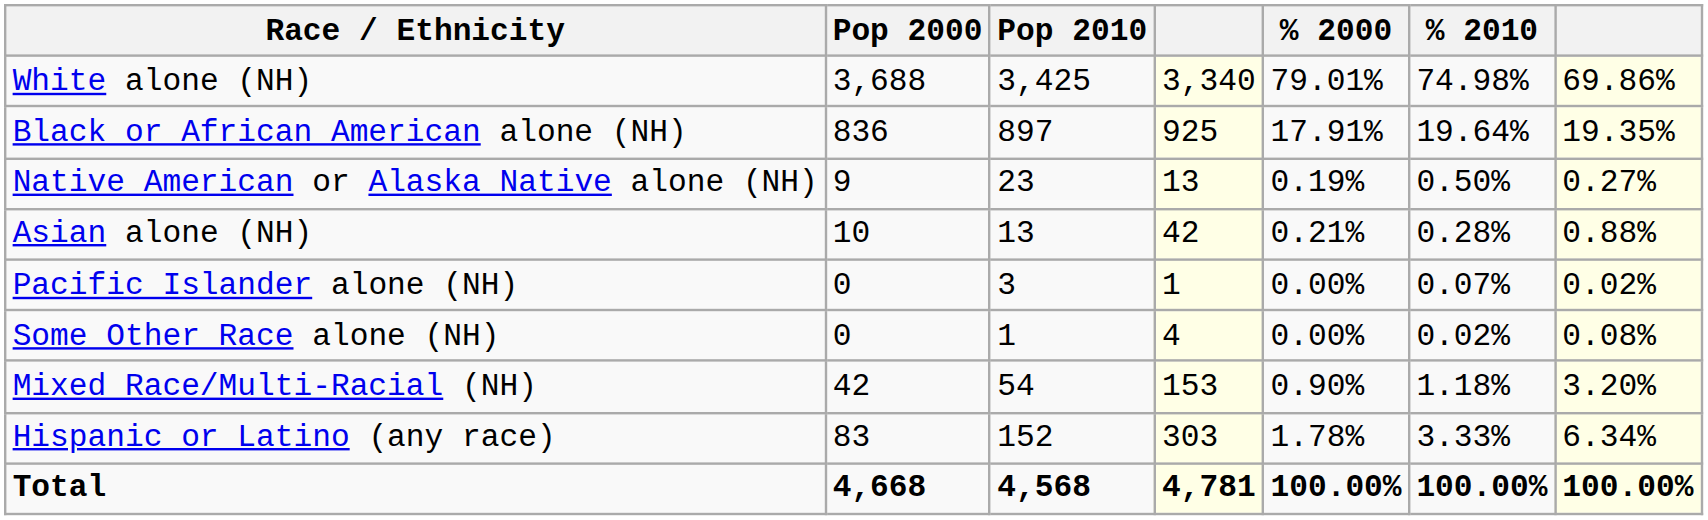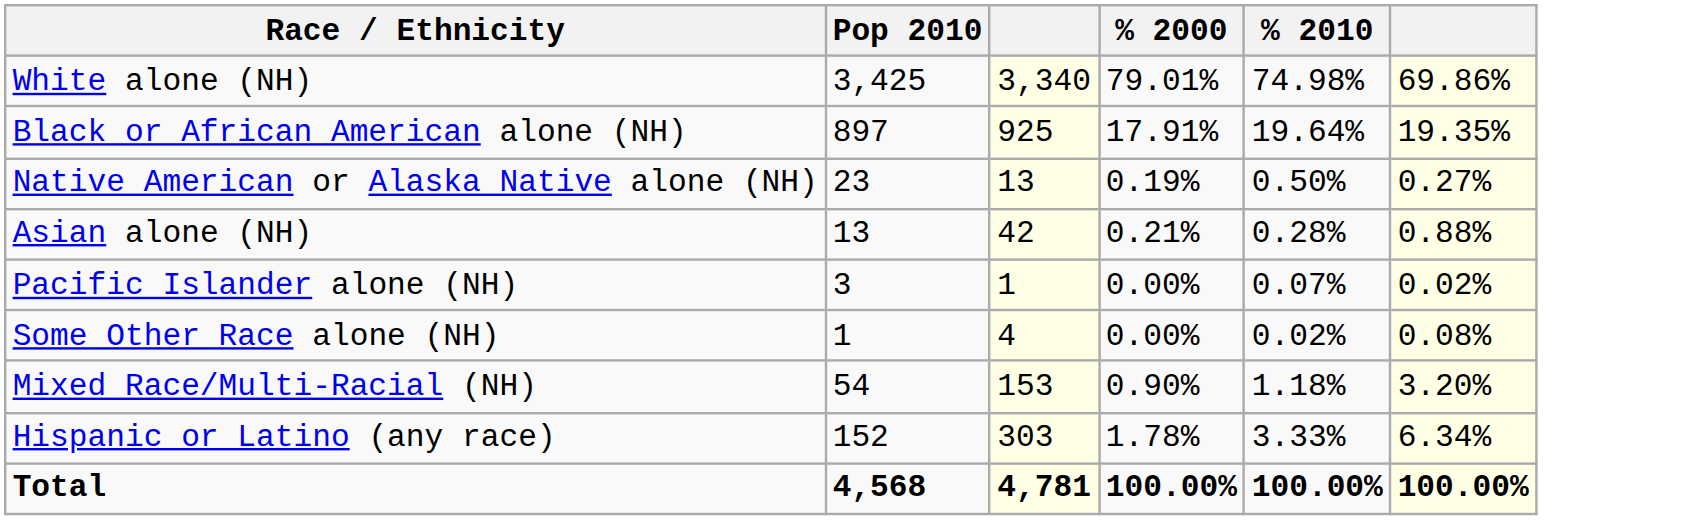 <table class="wikitable">
 <tr>
 <th>Race / Ethnicity</th>
-<th>Pop 2000</th>
 <th>Pop 2010</th>
 <th></th>
 <th>% 2000</th>
 <th>% 2010</th>
 <th></th>
 </tr>
 <tr>
 <td><a href='#'>White</a> alone (NH)</td>
-<td>3,688</td>
 <td>3,425</td>
 <td style='background: #ffffe6;'>3,340</td>
 <td>79.01%</td>
 <td>74.98%</td>
 <td style='background: #ffffe6;'>69.86%</td>
 </tr>
 <tr>
 <td><a href='#'>Black or African American</a> alone (NH)</td>
-<td>836</td>
 <td>897</td>
 <td style='background: #ffffe6;'>925</td>
 <td>17.91%</td>
 <td>19.64%</td>
 <td style='background: #ffffe6;'>19.35%</td>
 </tr>
 <tr>
 <td><a href='#'>Native American</a> or <a href='#'>Alaska Native</a> alone (NH)</td>
-<td>9</td>
 <td>23</td>
 <td style='background: #ffffe6;'>13</td>
 <td>0.19%</td>
 <td>0.50%</td>
 <td style='background: #ffffe6;'>0.27%</td>
 </tr>
 <tr>
 <td><a href='#'>Asian</a> alone (NH)</td>
-<td>10</td>
 <td>13</td>
 <td style='background: #ffffe6;'>42</td>
 <td>0.21%</td>
 <td>0.28%</td>
 <td style='background: #ffffe6;'>0.88%</td>
 </tr>
 <tr>
 <td><a href='#'>Pacific Islander</a> alone (NH)</td>
-<td>0</td>
 <td>3</td>
 <td style='background: #ffffe6;'>1</td>
 <td>0.00%</td>
 <td>0.07%</td>
 <td style='background: #ffffe6;'>0.02%</td>
 </tr>
 <tr>
 <td><a href='#'>Some Other Race</a> alone (NH)</td>
-<td>0</td>
 <td>1</td>
 <td style='background: #ffffe6;'>4</td>
 <td>0.00%</td>
 <td>0.02%</td>
 <td style='background: #ffffe6;'>0.08%</td>
 </tr>
 <tr>
 <td><a href='#'>Mixed Race/Multi-Racial</a> (NH)</td>
-<td>42</td>
 <td>54</td>
 <td style='background: #ffffe6;'>153</td>
 <td>0.90%</td>
 <td>1.18%</td>
 <td style='background: #ffffe6;'>3.20%</td>
 </tr>
 <tr>
 <td><a href='#'>Hispanic or Latino</a> (any race)</td>
-<td>83</td>
 <td>152</td>
 <td style='background: #ffffe6;'>303</td>
 <td>1.78%</td>
 <td>3.33%</td>
 <td style='background: #ffffe6;'>6.34%</td>
 </tr>
 <tr>
 <td><strong>Total</strong></td>
-<td><strong>4,668</strong></td>
 <td><strong>4,568</strong></td>
 <td style='background: #ffffe6;'><strong>4,781</strong></td>
 <td><strong>100.00%</strong></td>
 <td><strong>100.00%</strong></td>
 <td style='background: #ffffe6;'><strong>100.00%</strong></td>
 </tr>
 </table>
